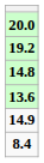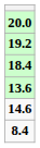 <table class="wikitable" style="text-align: center;">
 <tr>
 <th></th>
 </tr>
 <tr>
 <td style="background:#ccffcc;"><strong>20.0</strong></td>
 </tr>
 <tr>
 <td style="background:#ccffcc;"><strong>19.2</strong></td>
 </tr>
 <tr>
-<td style="background:#ccffcc;"><strong>14.8</strong></td>
+<td style="background:#ccffcc;"><strong>18.4</strong></td>
 </tr>
 <tr>
 <td style="background:#ccffcc;"><strong>13.6</strong></td>
 </tr>
 <tr>
-<td><strong>14.9</strong></td>
+<td><strong>14.6</strong></td>
 </tr>
 <tr>
 <td><strong>8.4</strong></td>
 </tr>
 </table>
